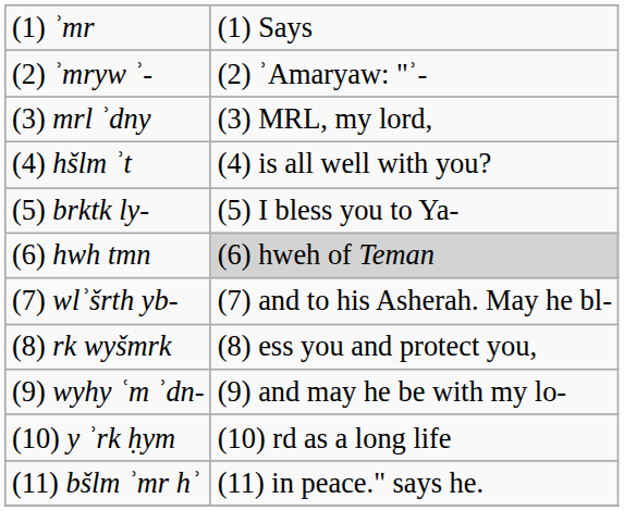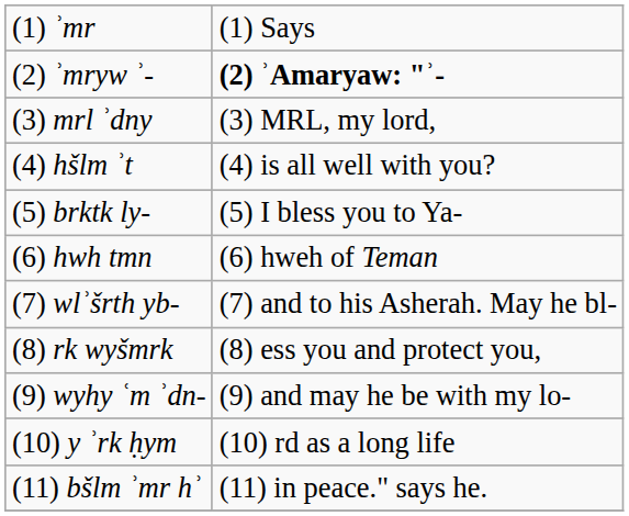 <table class="wikitable">
 <tr>
 <td>(1) <em>ʾmr</em><br></td>
 <td>(1) Says</td>
 </tr>
 <tr>
 <td>(2) <em>ʾmryw ʾ</em>-</td>
-<td>(2) ʾAmaryaw: "ʾ-</td>
+<td><strong>(2) ʾAmaryaw: "ʾ-</strong></td>
 </tr>
 <tr>
 <td>(3) <em>mrl ʾdny</em></td>
 <td>(3) MRL, my lord,</td>
 </tr>
 <tr>
 <td>(4) <em>hšlm ʾt</em><br></td>
 <td>(4) is all well with you?</td>
 </tr>
 <tr>
 <td>(5) <em>brktk ly</em>-</td>
 <td>(5) I bless you to Ya-</td>
 </tr>
 <tr>
 <td>(6) <em>hwh tmn</em></td>
-<td style="background: lightgrey;">(6) hweh of <em>Teman</em></td>
+<td>(6) hweh of <em>Teman</em></td>
 </tr>
 <tr>
 <td>(7) <em>wlʾšrth yb</em>-</td>
 <td>(7) and to his Asherah. May he bl-</td>
 </tr>
 <tr>
 <td>(8) <em>rk wyšmrk</em></td>
 <td>(8) ess you and protect you,</td>
 </tr>
 <tr>
 <td>(9) <em>wyhy ʿm ʾdn</em>-</td>
 <td>(9) and may he be with my lo-</td>
 </tr>
 <tr>
 <td>(10) <em>y ʾrk ḥym</em></td>
 <td>(10) rd as a long life</td>
 </tr>
 <tr>
 <td>(11) <em>bšlm ʾmr hʾ</em></td>
 <td>(11) in peace." says he.</td>
 </tr>
 <tr>
 </tr>
 </table>
